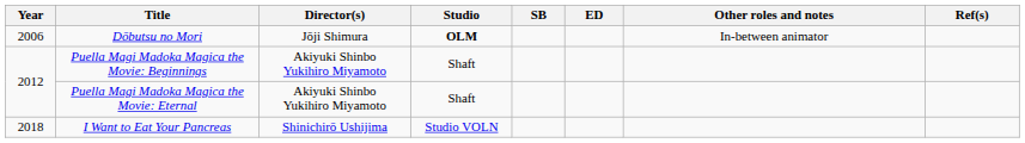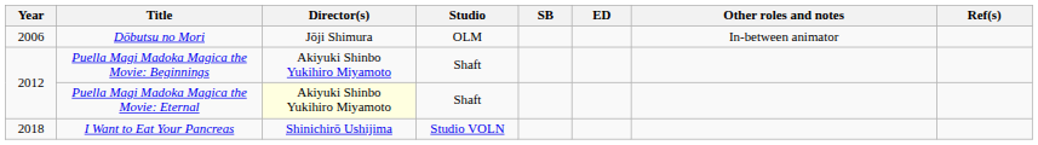 <table class="wikitable sortable" style="text-align:center; margin=auto; ">
 <tr>
 <th scope="col" width=5%>Year</th>
 <th scope="col" width=20%>Title</th>
 <th scope="col" width=15%>Director(s)</th>
 <th scope="col" width=10%>Studio</th>
 <th scope="col" class="unsortable">SB</th>
 <th scope="col" class="unsortable">ED</th>
 <th scope="col" class="unsortable">Other roles and notes</th>
 <th scope="col" class="unsortable">Ref(s)</th>
 </tr>
 <tr>
 <td>2006</td>
 <td><em><a href='#'>Dōbutsu no Mori</a></em></td>
 <td>Jōji Shimura</td>
-<td><strong>OLM</strong></td>
+<td>OLM</td>
 <td></td>
 <td></td>
 <td>In-between animator</td>
 <td></td>
 </tr>
 <tr>
 <td rowspan="2">2012</td>
 <td><em><a href='#'>Puella Magi Madoka Magica the Movie: Beginnings</a></em></td>
 <td>Akiyuki Shinbo <br><a href='#'>Yukihiro Miyamoto</a></td>
 <td>Shaft</td>
 <td></td>
 <td></td>
 <td></td>
 <td></td>
 </tr>
 <tr>
 <td><em><a href='#'>Puella Magi Madoka Magica the Movie: Eternal</a></em></td>
-<td>Akiyuki Shinbo <br>Yukihiro Miyamoto</td>
+<td style="background: lightyellow;">Akiyuki Shinbo <br>Yukihiro Miyamoto</td>
 <td>Shaft</td>
 <td></td>
 <td></td>
 <td></td>
 <td></td>
 </tr>
 <tr>
 <td>2018</td>
 <td><em><a href='#'>I Want to Eat Your Pancreas</a></em></td>
 <td><a href='#'>Shinichirō Ushijima</a></td>
 <td><a href='#'>Studio VOLN</a></td>
 <td></td>
 <td></td>
 <td></td>
 <td></td>
 </tr>
 </table>
